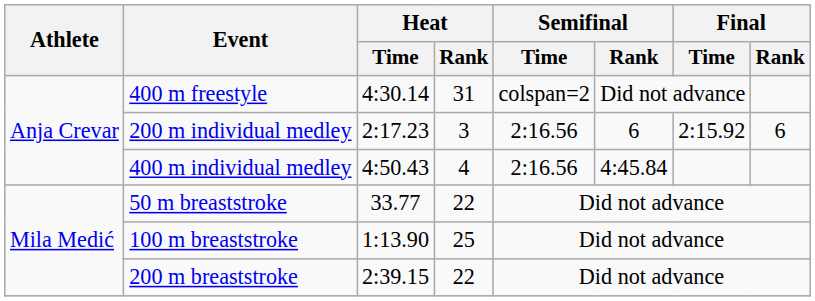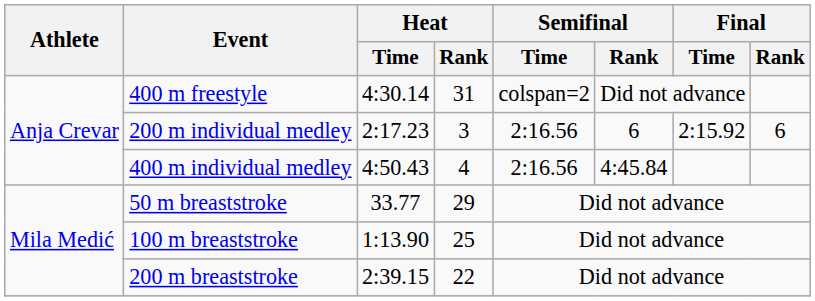 <table class=wikitable style="font-size:90%">
 <tr>
 <th rowspan="2">Athlete</th>
 <th rowspan="2">Event</th>
 <th colspan="2">Heat</th>
 <th colspan="2">Semifinal</th>
 <th colspan="2">Final</th>
 </tr>
 <tr style="font-size:95%">
 <th>Time</th>
 <th>Rank</th>
 <th>Time</th>
 <th>Rank</th>
 <th>Time</th>
 <th>Rank</th>
 </tr>
 <tr align=center>
 <td align=left rowspan=3><a href='#'>Anja Crevar</a></td>
 <td align=left><a href='#'>400 m freestyle</a></td>
 <td>4:30.14</td>
 <td>31</td>
 <td>colspan=2 </td>
 <td colspan="2">Did not advance</td>
 </tr>
 <tr align=center>
 <td align=left><a href='#'>200 m individual medley</a></td>
 <td>2:17.23</td>
 <td>3</td>
 <td>2:16.56</td>
 <td>6</td>
 <td>2:15.92</td>
 <td>6</td>
 </tr>
 <tr align=center>
 <td align=left><a href='#'>400 m individual medley</a></td>
 <td>4:50.43</td>
 <td>4</td>
 <td>2:16.56</td>
 <td>4:45.84</td>
 <td></td>
 </tr>
 <tr align=center>
 <td align=left rowspan=3><a href='#'>Mila Medić</a></td>
 <td align=left><a href='#'>50 m breaststroke</a></td>
 <td>33.77</td>
-<td>22</td>
+<td>29</td>
 <td colspan="4">Did not advance</td>
 </tr>
 <tr align=center>
 <td align=left><a href='#'>100 m breaststroke</a></td>
 <td>1:13.90</td>
 <td>25</td>
 <td colspan="4">Did not advance</td>
 </tr>
 <tr align=center>
 <td align=left><a href='#'>200 m breaststroke</a></td>
 <td>2:39.15</td>
 <td>22</td>
 <td colspan="4">Did not advance</td>
 </tr>
 </table>
